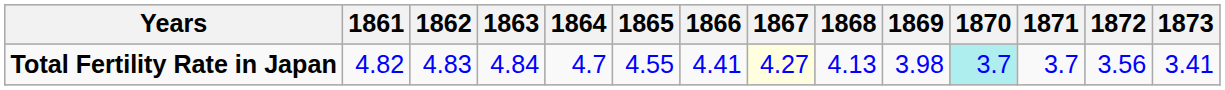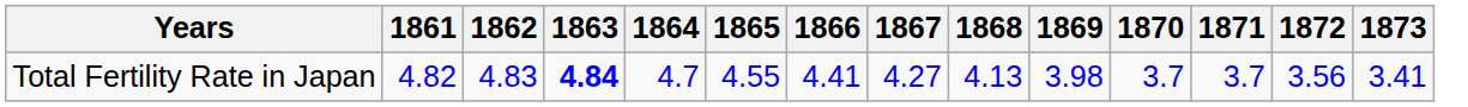 <table class="wikitable " style="text-align:right">
 <tr>
 <th>Years</th>
 <th>1861</th>
 <th>1862</th>
 <th>1863</th>
 <th>1864</th>
 <th>1865</th>
 <th>1866</th>
 <th>1867</th>
 <th>1868</th>
 <th>1869</th>
 <th>1870</th>
 <th>1871</th>
 <th>1872</th>
 <th>1873</th>
 </tr>
 <tr>
-<td align="left"><strong>Total Fertility Rate in Japan</strong></td>
+<td align="left">Total Fertility Rate in Japan</td>
 <td style="text-align:right; color:blue;">4.82</td>
 <td style="text-align:right; color:blue;">4.83</td>
-<td style="text-align:right; color:blue;">4.84</td>
+<td style="text-align:right; color:blue;"><strong>4.84</strong></td>
 <td style="text-align:right; color:blue;">4.7</td>
 <td style="text-align:right; color:blue;">4.55</td>
 <td style="text-align:right; color:blue;">4.41</td>
-<td style="background: lightyellow; text-align:right; color:blue;">4.27</td>
+<td style="text-align:right; color:blue;">4.27</td>
 <td style="text-align:right; color:blue;">4.13</td>
 <td style="text-align:right; color:blue;">3.98</td>
-<td style="background: paleturquoise; text-align:right; color:blue;">3.7</td>
+<td style="text-align:right; color:blue;">3.7</td>
 <td style="text-align:right; color:blue;">3.7</td>
 <td style="text-align:right; color:blue;">3.56</td>
 <td style="text-align:right; color:blue;">3.41</td>
 </tr>
 </table>
